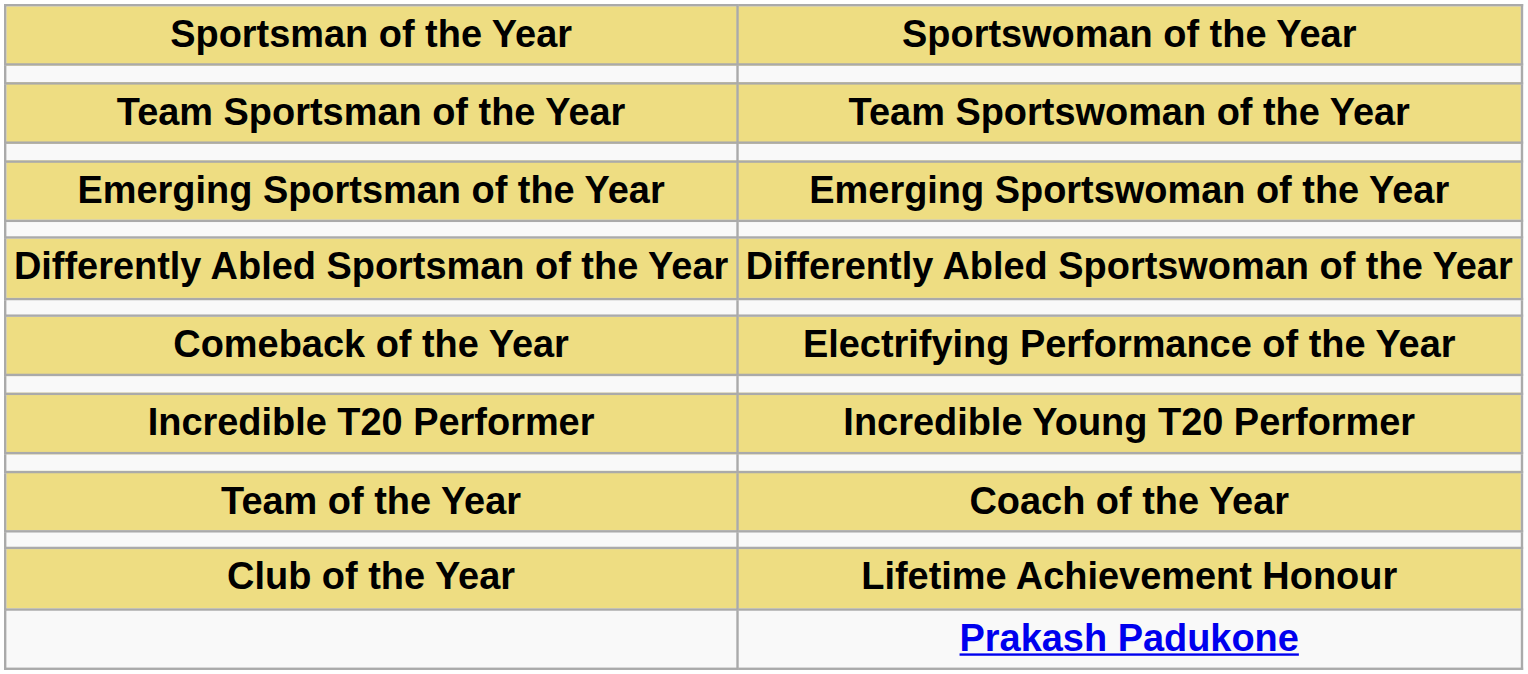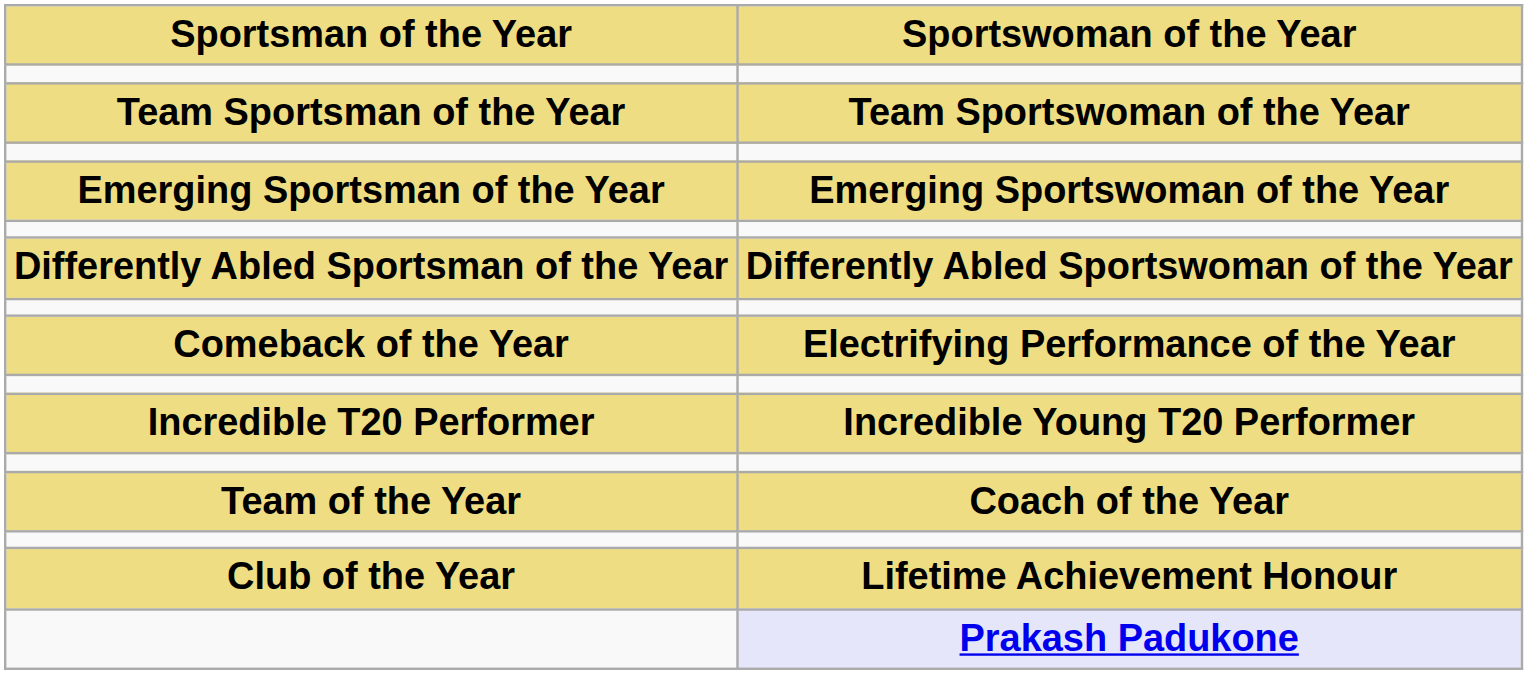 <table class="wikitable" style="text-align:center;">
 <tr>
 <th style="background:#EEDD82;">Sportsman of the Year</th>
 <th style="background:#EEDD82;">Sportswoman of the Year</th>
 </tr>
 <tr>
 <td></td>
 <td></td>
 </tr>
 <tr>
 <th style="background:#EEDD82;">Team Sportsman of the Year</th>
 <th style="background:#EEDD82;">Team Sportswoman of the Year</th>
 </tr>
 <tr>
 <td></td>
 <td></td>
 </tr>
 <tr>
 <th style="background:#EEDD82;">Emerging Sportsman of the Year</th>
 <th style="background:#EEDD82;">Emerging Sportswoman of the Year</th>
 </tr>
 <tr>
 <td></td>
 <td></td>
 </tr>
 <tr>
 <th style="background:#EEDD82;">Differently Abled Sportsman of the Year</th>
 <th style="background:#EEDD82;">Differently Abled Sportswoman of the Year</th>
 </tr>
 <tr>
 <td></td>
 <td></td>
 </tr>
 <tr>
 <th style="background:#EEDD82;">Comeback of the Year</th>
 <th style="background:#EEDD82;">Electrifying Performance of the Year</th>
 </tr>
 <tr>
 <td></td>
 <td></td>
 </tr>
 <tr>
 <th style="background:#EEDD82;">Incredible T20 Performer</th>
 <th style="background:#EEDD82;">Incredible Young T20 Performer</th>
 </tr>
 <tr>
 <td></td>
 <td></td>
 </tr>
 <tr>
 <th style="background:#EEDD82;">Team of the Year</th>
 <th style="background:#EEDD82;">Coach of the Year</th>
 </tr>
 <tr>
 <td></td>
 <td></td>
 </tr>
 <tr>
 <th style="background:#EEDD82;">Club of the Year</th>
 <th style="background:#EEDD82;">Lifetime Achievement Honour</th>
 </tr>
 <tr>
 <td></td>
-<td><strong><a href='#'>Prakash Padukone</a></strong></td>
+<td style="background: lavender;"><strong><a href='#'>Prakash Padukone</a></strong></td>
 </tr>
 </table>
